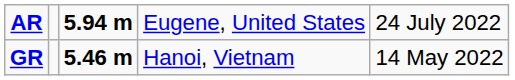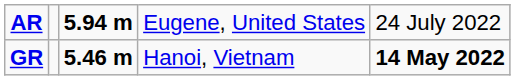 <table class="wikitable" style="font-size:95%; position:relative;">
 <tr>
 <td align=center><strong><a href='#'>AR</a></strong></td>
 <td></td>
 <td><strong>5.94 m</strong></td>
 <td><a href='#'>Eugene</a>, <a href='#'>United States</a></td>
 <td>24 July 2022</td>
 </tr>
 <tr>
 <td align=center><strong><a href='#'>GR</a></strong></td>
 <td></td>
 <td><strong>5.46 m</strong></td>
 <td><a href='#'>Hanoi</a>, <a href='#'>Vietnam</a></td>
-<td>14 May 2022</td>
+<td><strong>14 May 2022</strong></td>
 </tr>
 </table>
